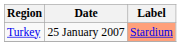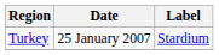 <table class="wikitable">
 <tr>
 <th>Region</th>
 <th>Date</th>
 <th>Label</th>
 </tr>
 <tr>
 <td><a href='#'>Turkey</a></td>
 <td rowspan="1">25 January 2007</td>
-<td rowspan="1" style="background: lightsalmon;"><a href='#'>Stardium</a></td>
+<td rowspan="1"><a href='#'>Stardium</a></td>
 </tr>
 <tr>
 </tr>
 </table>
